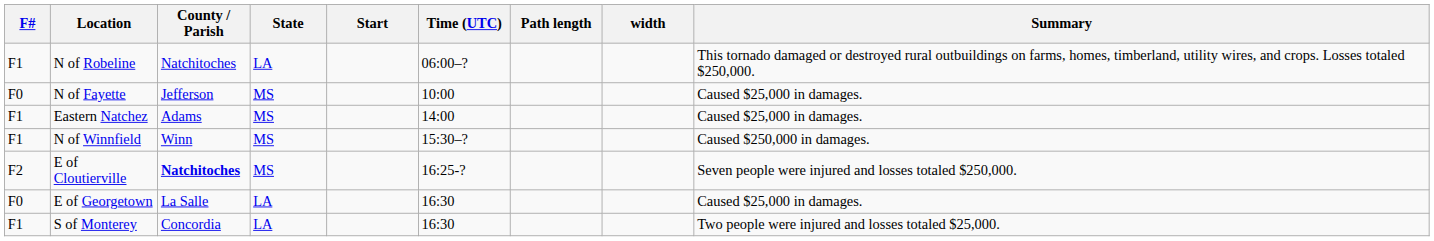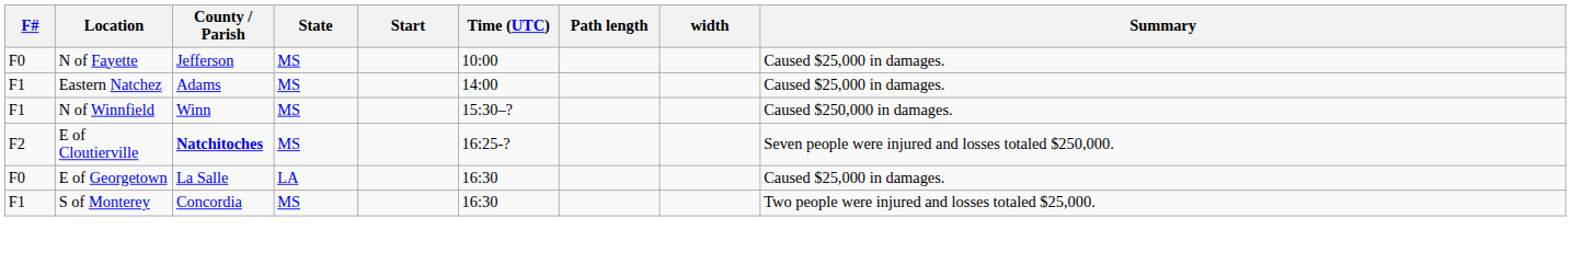 <table class="wikitable sortable" style="width:100%;">
 <tr>
 <th scope="col"  style="width:3%; text-align:center;"><a href='#'>F#</a></th>
 <th scope="col"  style="width:7%; text-align:center;" class="unsortable">Location</th>
 <th scope="col"  style="width:6%; text-align:center;" class="unsortable">County / Parish</th>
 <th scope="col"  style="width:5%; text-align:center;">State</th>
 <th scope="col"  style="width:6%; text-align:center;">Start<br></th>
 <th scope="col"  style="width:6%; text-align:center;">Time (<a href='#'>UTC</a>)</th>
 <th scope="col"  style="width:6%; text-align:center;">Path length</th>
 <th scope="col"  style="width:6%; text-align:center;"> width</th>
 <th scope="col" class="unsortable" style="width:48%; text-align:center;">Summary</th>
-</tr>
-<tr>
-<td>F1</td>
-<td>N of <a href='#'>Robeline</a></td>
-<td><a href='#'>Natchitoches</a></td>
-<td><a href='#'>LA</a></td>
-<td></td>
-<td>06:00–?</td>
-<td></td>
-<td></td>
-<td>This tornado damaged or destroyed rural outbuildings on farms, homes, timberland, utility wires, and crops. Losses totaled $250,000.</td>
 </tr>
 <tr>
 <td>F0</td>
 <td>N of <a href='#'>Fayette</a></td>
 <td><a href='#'>Jefferson</a></td>
 <td><a href='#'>MS</a></td>
 <td></td>
 <td>10:00</td>
 <td></td>
 <td></td>
 <td>Caused $25,000 in damages.</td>
 </tr>
 <tr>
 <td>F1</td>
 <td>Eastern <a href='#'>Natchez</a></td>
 <td><a href='#'>Adams</a></td>
 <td><a href='#'>MS</a></td>
 <td></td>
 <td>14:00</td>
 <td></td>
 <td></td>
 <td>Caused $25,000 in damages.</td>
 </tr>
 <tr>
 <td>F1</td>
 <td>N of <a href='#'>Winnfield</a></td>
 <td><a href='#'>Winn</a></td>
 <td><a href='#'>MS</a></td>
 <td></td>
 <td>15:30–?</td>
 <td></td>
 <td></td>
 <td>Caused $250,000 in damages.</td>
 </tr>
 <tr>
 <td>F2</td>
 <td>E of <a href='#'>Cloutierville</a></td>
 <td><strong><a href='#'>Natchitoches</a></strong></td>
 <td><a href='#'>MS</a></td>
 <td></td>
 <td>16:25-?</td>
 <td></td>
 <td></td>
 <td>Seven people were injured and losses totaled $250,000.</td>
 </tr>
 <tr>
 <td>F0</td>
 <td>E of <a href='#'>Georgetown</a></td>
 <td><a href='#'>La Salle</a></td>
 <td><a href='#'>LA</a></td>
 <td></td>
 <td>16:30</td>
 <td></td>
 <td></td>
 <td>Caused $25,000 in damages.</td>
 </tr>
 <tr>
 <td>F1</td>
 <td>S of <a href='#'>Monterey</a></td>
 <td><a href='#'>Concordia</a></td>
-<td><a href='#'>LA</a></td>
+<td><a href='#'>MS</a></td>
 <td></td>
 <td>16:30</td>
 <td></td>
 <td></td>
 <td>Two people were injured and losses totaled $25,000.</td>
 </tr>
 </table>
